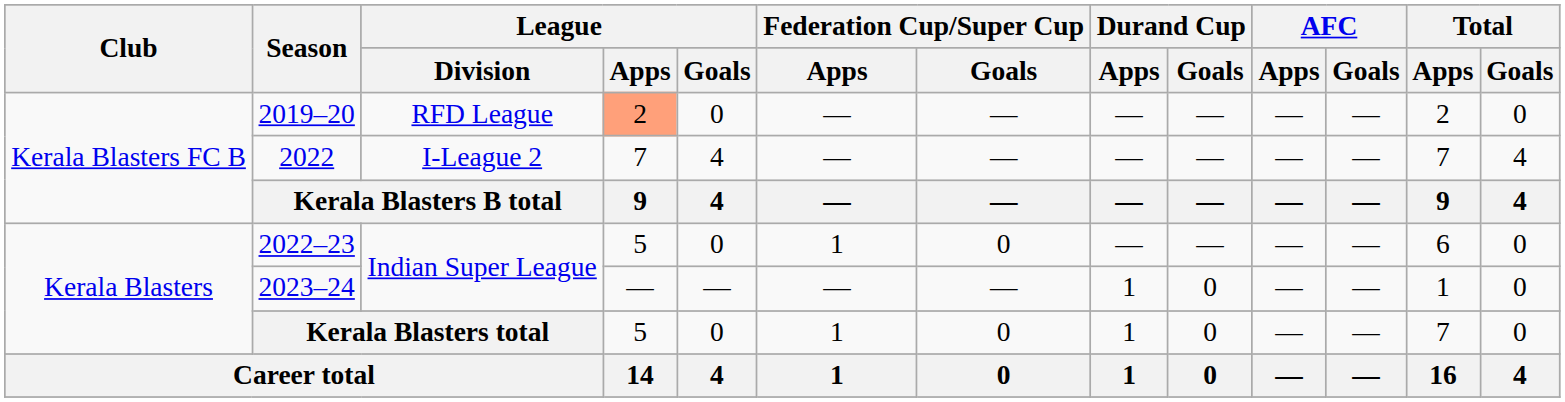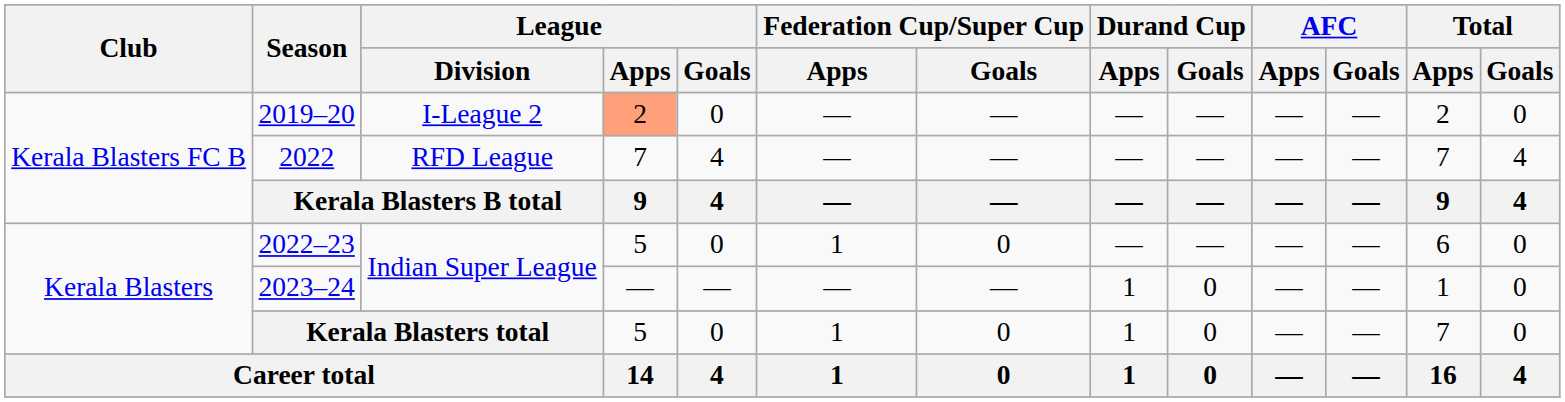 <table class="wikitable" style="text-align:center">
 <tr>
 <th rowspan="2">Club</th>
 <th rowspan="2">Season</th>
 <th colspan="3">League</th>
 <th colspan="2">Federation Cup/Super Cup</th>
 <th colspan="2">Durand Cup</th>
 <th colspan="2"><a href='#'>AFC</a></th>
 <th colspan="2">Total</th>
 </tr>
 <tr>
 <th>Division</th>
 <th>Apps</th>
 <th>Goals</th>
 <th>Apps</th>
 <th>Goals</th>
 <th>Apps</th>
 <th>Goals</th>
 <th>Apps</th>
 <th>Goals</th>
 <th>Apps</th>
 <th>Goals</th>
 </tr>
 <tr>
 <td rowspan="3"><a href='#'>Kerala Blasters FC B</a></td>
 <td><a href='#'>2019–20</a></td>
-<td><a href='#'>RFD League</a></td>
+<td><a href='#'>I-League 2</a></td>
 <td style="background: lightsalmon;">2</td>
 <td>0</td>
 <td>—</td>
 <td>—</td>
 <td>—</td>
 <td>—</td>
 <td>—</td>
 <td>—</td>
 <td>2</td>
 <td>0</td>
 </tr>
 <tr>
 <td><a href='#'>2022</a></td>
-<td><a href='#'>I-League 2</a></td>
+<td><a href='#'>RFD League</a></td>
 <td>7</td>
 <td>4</td>
 <td>—</td>
 <td>—</td>
 <td>—</td>
 <td>—</td>
 <td>—</td>
 <td>—</td>
 <td>7</td>
 <td>4</td>
 </tr>
 <tr>
 <th colspan="2">Kerala Blasters B total</th>
 <th>9</th>
 <th>4</th>
 <th>—</th>
 <th>—</th>
 <th>—</th>
 <th>—</th>
 <th>—</th>
 <th>—</th>
 <th>9</th>
 <th>4</th>
 </tr>
 <tr>
 <td rowspan="3"><a href='#'>Kerala Blasters</a></td>
 <td><a href='#'>2022–23</a></td>
 <td rowspan="2"><a href='#'>Indian Super League</a></td>
 <td>5</td>
 <td>0</td>
 <td>1</td>
 <td>0</td>
 <td>—</td>
 <td>—</td>
 <td>—</td>
 <td>—</td>
 <td>6</td>
 <td>0</td>
 </tr>
 <tr>
 <td><a href='#'>2023–24</a></td>
 <td>—</td>
 <td>—</td>
 <td>—</td>
 <td>—</td>
 <td>1</td>
 <td>0</td>
 <td>—</td>
 <td>—</td>
 <td>1</td>
 <td>0</td>
 </tr>
 <tr>
 <th colspan="2">Kerala Blasters total</th>
 <td>5</td>
 <td>0</td>
 <td>1</td>
 <td>0</td>
 <td>1</td>
 <td>0</td>
 <td>—</td>
 <td>—</td>
 <td>7</td>
 <td>0</td>
 </tr>
 <tr>
 <th colspan="3">Career total</th>
 <th>14</th>
 <th>4</th>
 <th>1</th>
 <th>0</th>
 <th>1</th>
 <th>0</th>
 <th>—</th>
 <th>—</th>
 <th>16</th>
 <th>4</th>
 </tr>
 </table>
